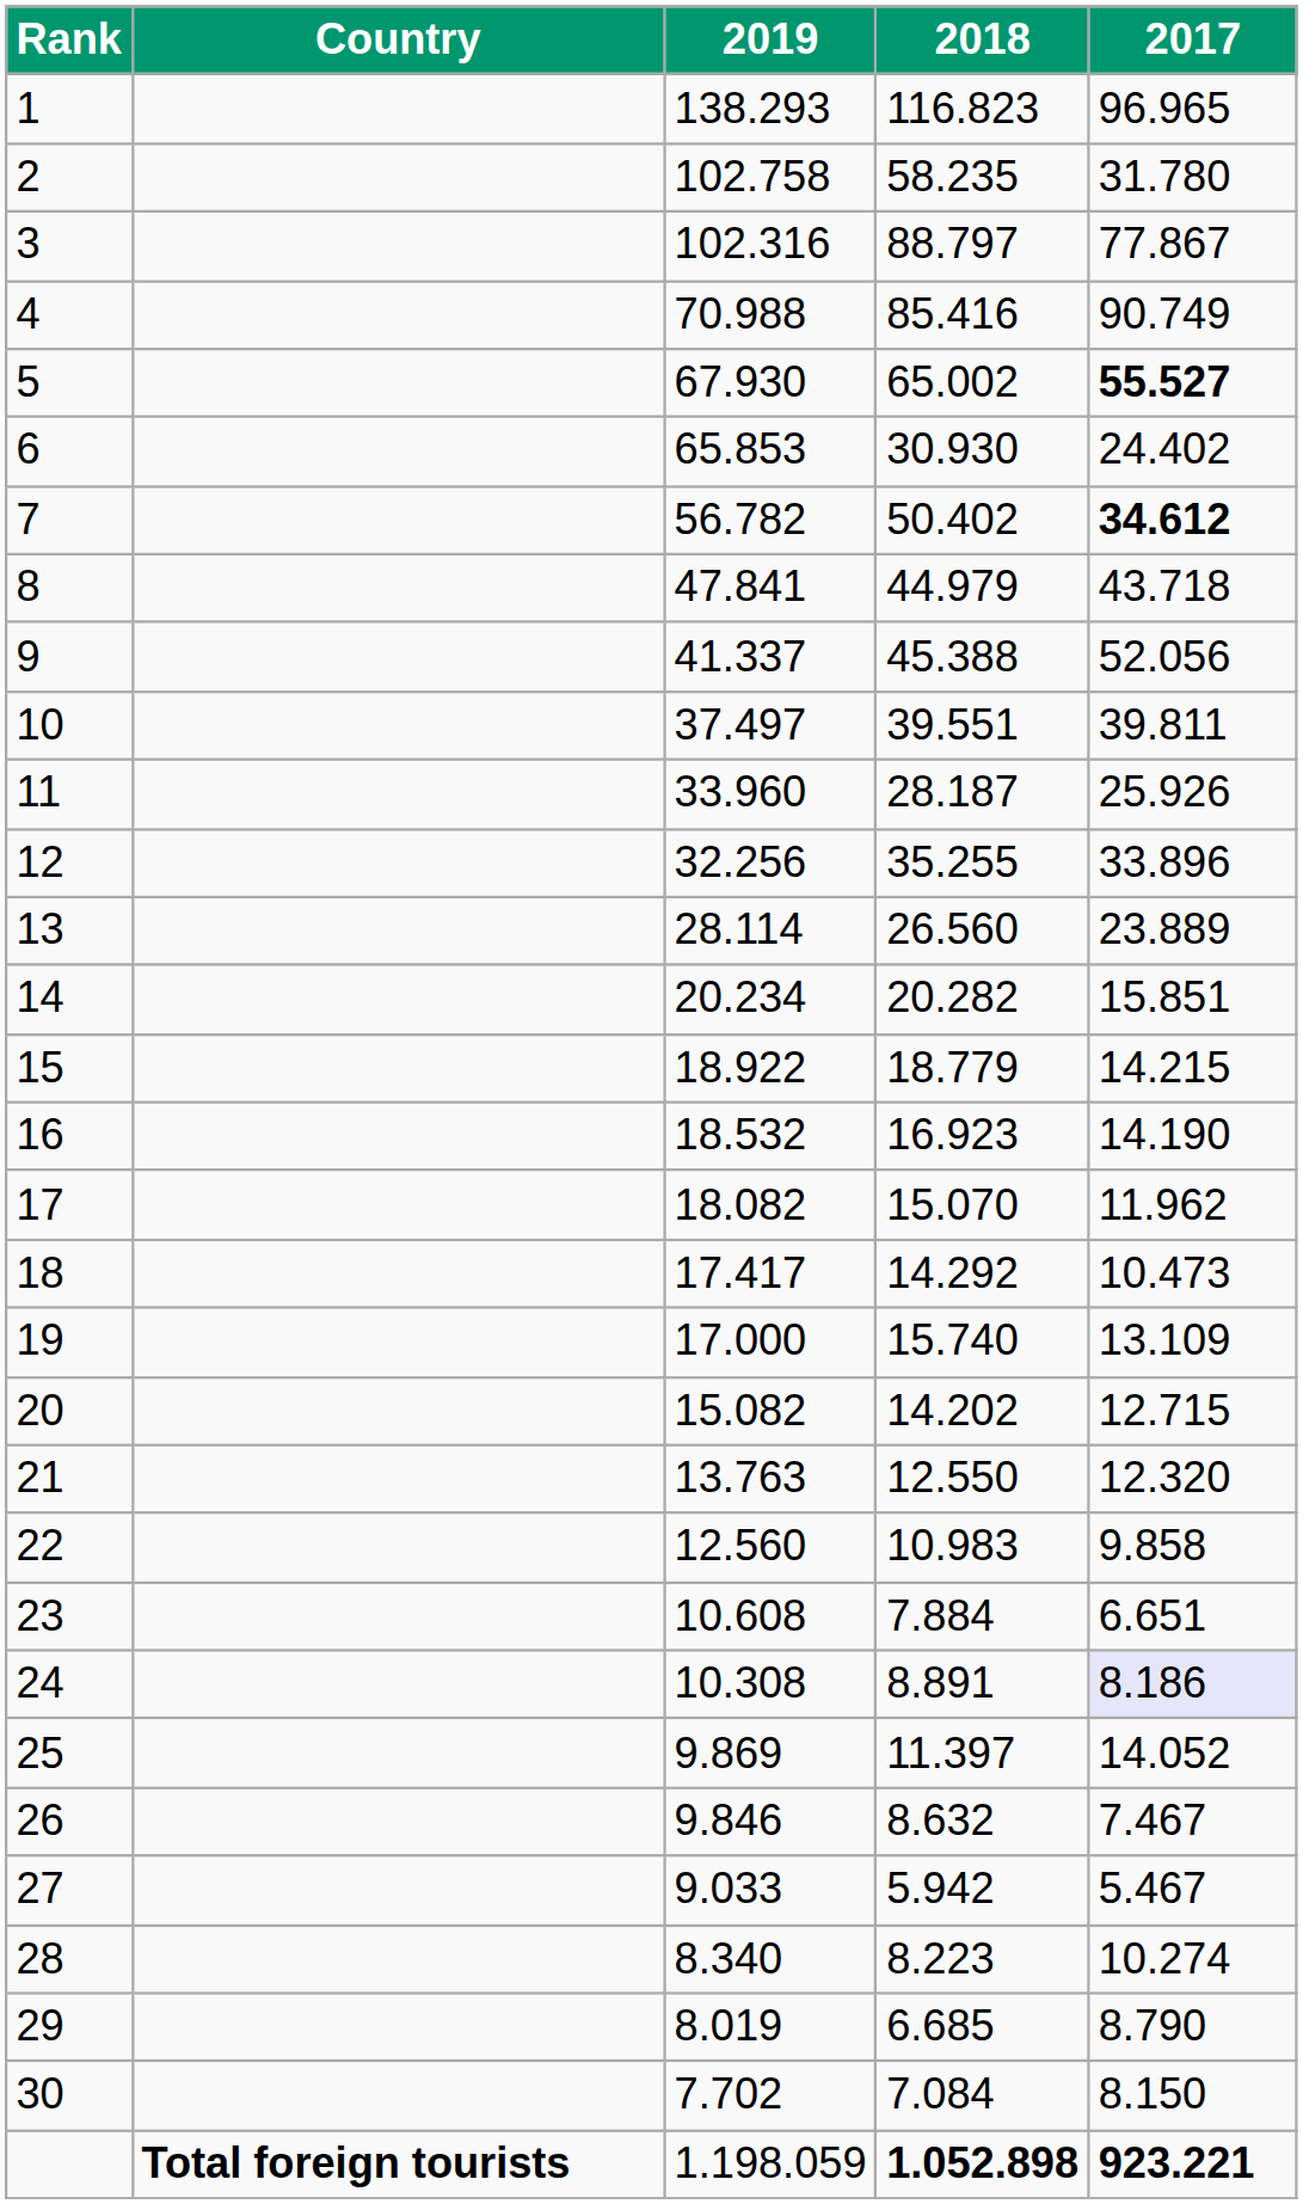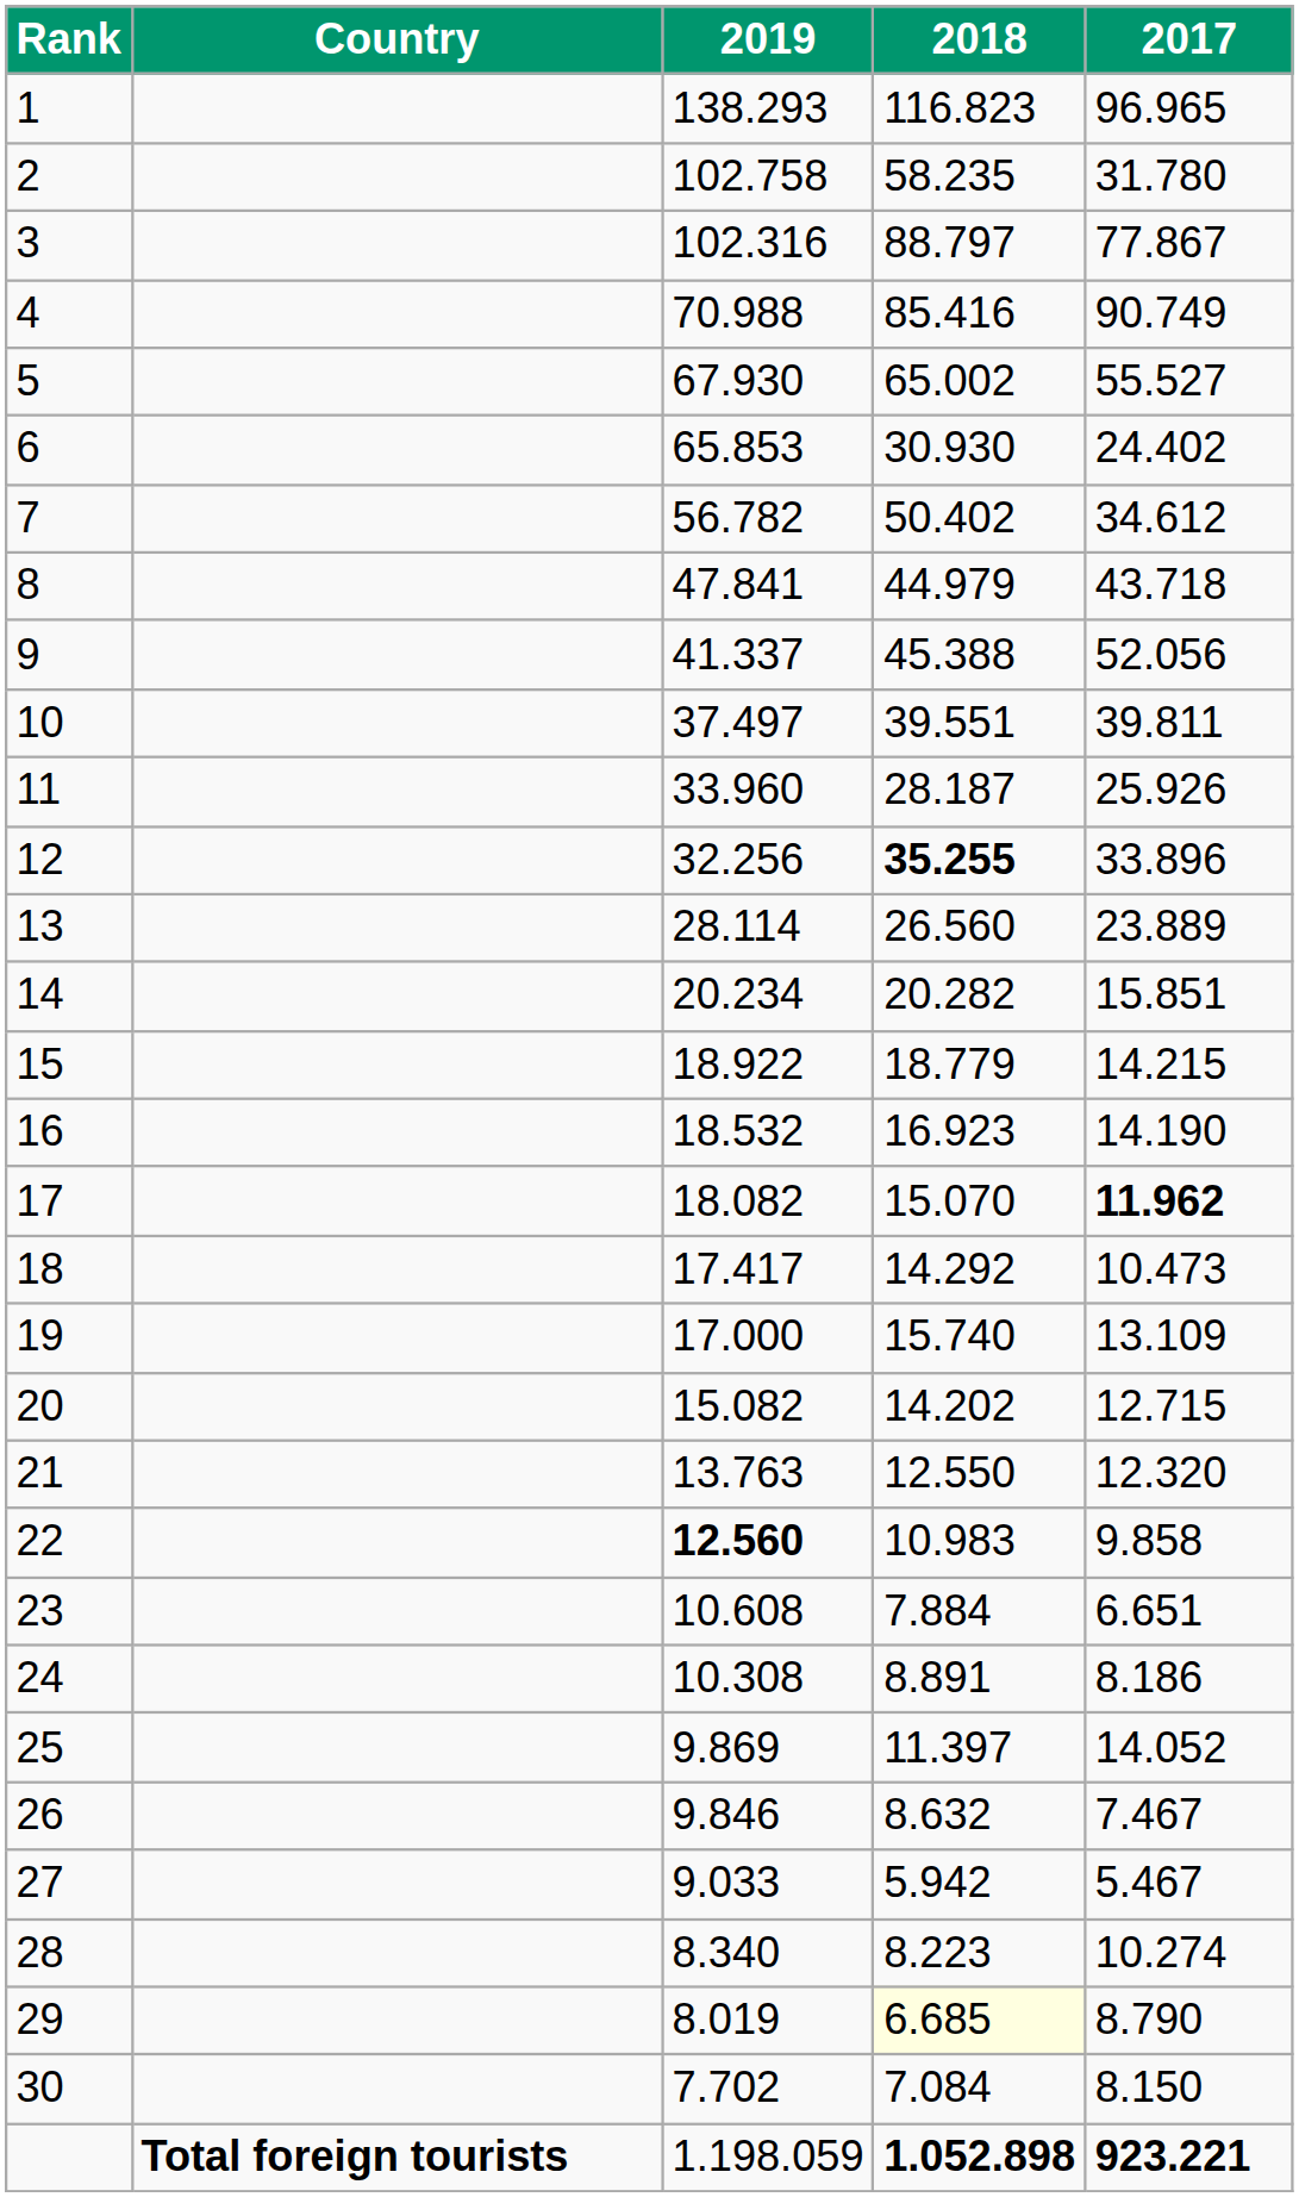 <table class="wikitable">
 <tr>
 </tr>
 <tr style="color:white;">
 <th style="width:7px; background:#00966E;">Rank</th>
 <th style="width:190px; background:#00966E;">Country</th>
 <th style="width:70px; background:#00966E;">2019</th>
 <th style="width:70px; background:#00966E;">2018</th>
 <th style="width:70px; background:#00966E;">2017</th>
 </tr>
 <tr>
 <td>1</td>
 <td></td>
 <td> 138.293</td>
 <td> 116.823</td>
 <td>96.965</td>
 </tr>
 <tr>
 <td>2</td>
 <td></td>
 <td> 102.758</td>
 <td> 58.235</td>
 <td>31.780</td>
 </tr>
 <tr>
 <td>3</td>
 <td></td>
 <td> 102.316</td>
 <td> 88.797</td>
 <td>77.867</td>
 </tr>
 <tr>
 <td>4</td>
 <td></td>
 <td> 70.988</td>
 <td> 85.416</td>
 <td>90.749</td>
 </tr>
 <tr>
 <td>5</td>
 <td></td>
 <td> 67.930</td>
 <td> 65.002</td>
-<td><strong>55.527</strong></td>
+<td>55.527</td>
 </tr>
 <tr>
 <td>6</td>
 <td></td>
 <td> 65.853</td>
 <td> 30.930</td>
 <td>24.402</td>
 </tr>
 <tr>
 <td>7</td>
 <td></td>
 <td> 56.782</td>
 <td> 50.402</td>
-<td><strong>34.612</strong></td>
+<td>34.612</td>
 </tr>
 <tr>
 <td>8</td>
 <td></td>
 <td> 47.841</td>
 <td> 44.979</td>
 <td>43.718</td>
 </tr>
 <tr>
 <td>9</td>
 <td></td>
 <td> 41.337</td>
 <td> 45.388</td>
 <td>52.056</td>
 </tr>
 <tr>
 <td>10</td>
 <td></td>
 <td> 37.497</td>
 <td> 39.551</td>
 <td>39.811</td>
 </tr>
 <tr>
 <td>11</td>
 <td></td>
 <td> 33.960</td>
 <td> 28.187</td>
 <td>25.926</td>
 </tr>
 <tr>
 <td>12</td>
 <td></td>
 <td> 32.256</td>
-<td> 35.255</td>
+<td><strong> 35.255</strong></td>
 <td>33.896</td>
 </tr>
 <tr>
 <td>13</td>
 <td></td>
 <td> 28.114</td>
 <td> 26.560</td>
 <td>23.889</td>
 </tr>
 <tr>
 <td>14</td>
 <td></td>
 <td> 20.234</td>
 <td> 20.282</td>
 <td>15.851</td>
 </tr>
 <tr>
 <td>15</td>
 <td></td>
 <td> 18.922</td>
 <td> 18.779</td>
 <td>14.215</td>
 </tr>
 <tr>
 <td>16</td>
 <td></td>
 <td> 18.532</td>
 <td> 16.923</td>
 <td>14.190</td>
 </tr>
 <tr>
 <td>17</td>
 <td></td>
 <td> 18.082</td>
 <td> 15.070</td>
-<td>11.962</td>
+<td><strong>11.962</strong></td>
 </tr>
 <tr>
 <td>18</td>
 <td></td>
 <td> 17.417</td>
 <td> 14.292</td>
 <td>10.473</td>
 </tr>
 <tr>
 <td>19</td>
 <td></td>
 <td> 17.000</td>
 <td> 15.740</td>
 <td>13.109</td>
 </tr>
 <tr>
 <td>20</td>
 <td></td>
 <td> 15.082</td>
 <td> 14.202</td>
 <td>12.715</td>
 </tr>
 <tr>
 <td>21</td>
 <td></td>
 <td> 13.763</td>
 <td> 12.550</td>
 <td>12.320</td>
 </tr>
 <tr>
 <td>22</td>
 <td></td>
-<td> 12.560</td>
+<td><strong> 12.560</strong></td>
 <td> 10.983</td>
 <td>9.858</td>
 </tr>
 <tr>
 <td>23</td>
 <td></td>
 <td> 10.608</td>
 <td> 7.884</td>
 <td>6.651</td>
 </tr>
 <tr>
 <td>24</td>
 <td></td>
 <td> 10.308</td>
 <td> 8.891</td>
-<td style="background: lavender;">8.186</td>
+<td>8.186</td>
 </tr>
 <tr>
 <td>25</td>
 <td></td>
 <td> 9.869</td>
 <td> 11.397</td>
 <td>14.052</td>
 </tr>
 <tr>
 <td>26</td>
 <td></td>
 <td> 9.846</td>
 <td> 8.632</td>
 <td>7.467</td>
 </tr>
 <tr>
 <td>27</td>
 <td></td>
 <td> 9.033</td>
 <td> 5.942</td>
 <td>5.467</td>
 </tr>
 <tr>
 <td>28</td>
 <td></td>
 <td> 8.340</td>
 <td> 8.223</td>
 <td>10.274</td>
 </tr>
 <tr>
 <td>29</td>
 <td></td>
 <td> 8.019</td>
-<td> 6.685</td>
+<td style="background: lightyellow;"> 6.685</td>
 <td>8.790</td>
 </tr>
 <tr>
 <td>30</td>
 <td></td>
 <td> 7.702</td>
 <td> 7.084</td>
 <td>8.150</td>
 </tr>
 <tr>
 <td></td>
 <td><strong>Total foreign tourists</strong></td>
 <td>1.198.059</td>
 <td><strong>1.052.898</strong></td>
 <td><strong>923.221</strong></td>
 </tr>
 </table>
